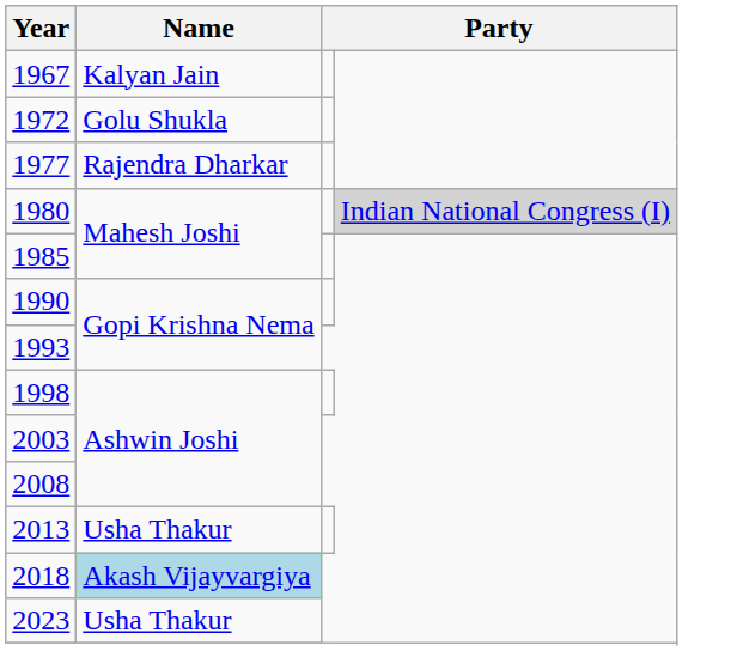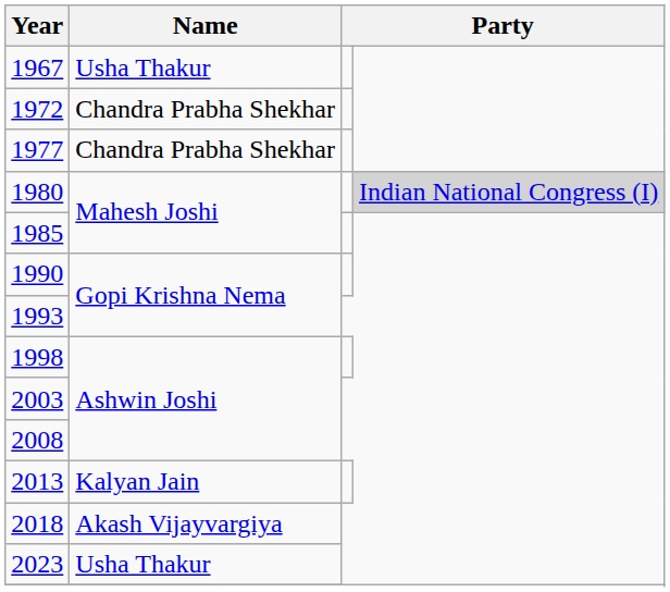 <table class="wikitable">
 <tr>
 <th>Year</th>
 <th>Name</th>
 <th colspan=2>Party</th>
 </tr>
 <tr>
 <td><a href='#'>1967</a></td>
-<td><a href='#'>Kalyan Jain</a></td>
+<td><a href='#'>Usha Thakur</a></td>
 <td></td>
 </tr>
 <tr>
 <td><a href='#'>1972</a></td>
-<td><a href='#'>Golu Shukla</a></td>
+<td>Chandra Prabha Shekhar</td>
 <td></td>
 </tr>
 <tr>
 <td><a href='#'>1977</a></td>
-<td><a href='#'>Rajendra Dharkar</a></td>
+<td>Chandra Prabha Shekhar</td>
 <td></td>
 </tr>
 <tr>
 <td><a href='#'>1980</a></td>
 <td rowspan="2"><a href='#'>Mahesh Joshi</a></td>
 <td style="background-color: "></td>
 <td style="background: lightgrey;"><a href='#'>Indian National Congress (I)</a></td>
 </tr>
 <tr>
 <td><a href='#'>1985</a></td>
 <td></td>
 </tr>
 <tr>
 <td><a href='#'>1990</a></td>
 <td rowspan="2"><a href='#'>Gopi Krishna Nema</a></td>
 <td></td>
 </tr>
 <tr>
 <td><a href='#'>1993</a></td>
 </tr>
 <tr>
 <td><a href='#'>1998</a></td>
 <td rowspan="3"><a href='#'>Ashwin Joshi</a></td>
 <td></td>
 </tr>
 <tr>
 <td><a href='#'>2003</a></td>
 </tr>
 <tr>
 <td><a href='#'>2008</a></td>
 </tr>
 <tr>
 <td><a href='#'>2013</a></td>
-<td><a href='#'>Usha Thakur</a></td>
+<td><a href='#'>Kalyan Jain</a></td>
 <td></td>
 </tr>
 <tr>
 <td><a href='#'>2018</a></td>
-<td style="background: lightblue;"><a href='#'>Akash Vijayvargiya</a></td>
+<td><a href='#'>Akash Vijayvargiya</a></td>
 </tr>
 <tr>
 <td><a href='#'>2023</a></td>
 <td><a href='#'>Usha Thakur</a></td>
 </tr>
 <tr>
 </tr>
 </table>
